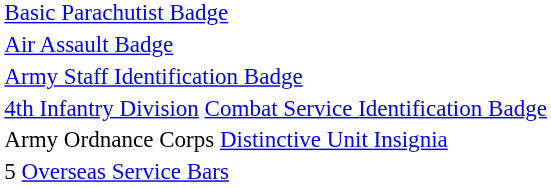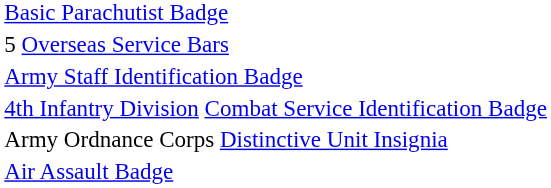 <table>
 <tr>
 <td> <a href='#'>Basic Parachutist Badge</a></td>
 </tr>
 <tr>
-<td> <a href='#'>Air Assault Badge</a></td>
+<td> 5 <a href='#'>Overseas Service Bars</a></td>
 </tr>
 <tr>
 <td> <a href='#'>Army Staff Identification Badge</a></td>
 </tr>
 <tr>
 <td> <a href='#'>4th Infantry Division</a> <a href='#'>Combat Service Identification Badge</a></td>
 </tr>
 <tr>
 <td> Army Ordnance Corps <a href='#'>Distinctive Unit Insignia</a></td>
 </tr>
 <tr>
-<td> 5 <a href='#'>Overseas Service Bars</a></td>
+<td> <a href='#'>Air Assault Badge</a></td>
 </tr>
 </table>
